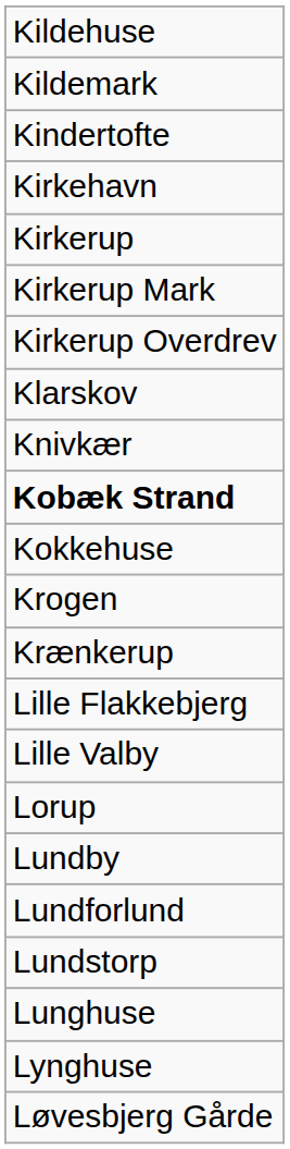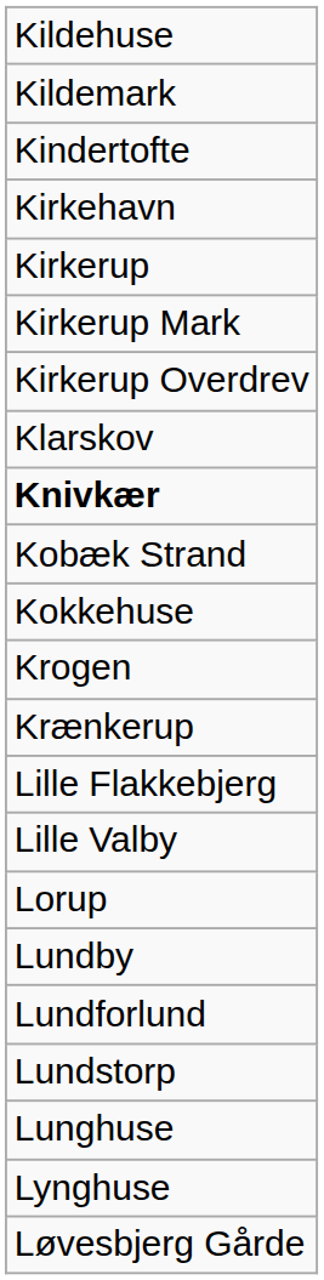 <table class="wikitable" style="float:left; margin-right:1em">
 <tr>
 <td>Kildehuse</td>
 </tr>
 <tr>
 <td>Kildemark</td>
 </tr>
 <tr>
 <td>Kindertofte</td>
 </tr>
 <tr>
 <td>Kirkehavn</td>
 </tr>
 <tr>
 <td>Kirkerup</td>
 </tr>
 <tr>
 <td>Kirkerup Mark</td>
 </tr>
 <tr>
 <td>Kirkerup Overdrev</td>
 </tr>
 <tr>
 <td>Klarskov</td>
 </tr>
 <tr>
-<td>Knivkær</td>
+<td><strong>Knivkær</strong></td>
 </tr>
 <tr>
-<td><strong>Kobæk Strand</strong></td>
+<td>Kobæk Strand</td>
 </tr>
 <tr>
 <td>Kokkehuse</td>
 </tr>
 <tr>
 <td>Krogen</td>
 </tr>
 <tr>
 <td>Krænkerup</td>
 </tr>
 <tr>
 <td>Lille Flakkebjerg</td>
 </tr>
 <tr>
 <td>Lille Valby</td>
 </tr>
 <tr>
 <td>Lorup</td>
 </tr>
 <tr>
 <td>Lundby</td>
 </tr>
 <tr>
 <td>Lundforlund</td>
 </tr>
 <tr>
 <td>Lundstorp</td>
 </tr>
 <tr>
 <td>Lunghuse</td>
 </tr>
 <tr>
 <td>Lynghuse</td>
 </tr>
 <tr>
 <td>Løvesbjerg Gårde</td>
 </tr>
 </table>
